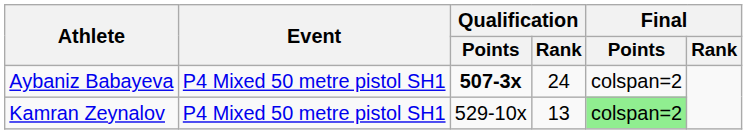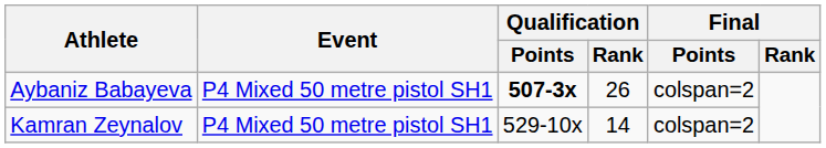 <table class="wikitable" style="font-size:90%">
 <tr>
 <th rowspan="2">Athlete</th>
 <th rowspan="2">Event</th>
 <th colspan="2">Qualification</th>
 <th colspan="2">Final</th>
 </tr>
 <tr style="font-size:95%">
 <th>Points</th>
 <th>Rank</th>
 <th>Points</th>
 <th>Rank</th>
 </tr>
 <tr align=center>
 <td align=left><a href='#'>Aybaniz Babayeva</a></td>
 <td align=left><a href='#'>P4 Mixed 50 metre pistol SH1</a></td>
 <td><strong>507-3x</strong></td>
-<td>24</td>
+<td>26</td>
 <td>colspan=2 </td>
 </tr>
 <tr align=center>
 <td align=left><a href='#'>Kamran Zeynalov</a></td>
 <td align=left><a href='#'>P4 Mixed 50 metre pistol SH1</a></td>
 <td>529-10x</td>
-<td>13</td>
-<td style="background: lightgreen;">colspan=2 </td>
+<td>14</td>
+<td>colspan=2 </td>
 </tr>
 </table>
